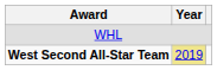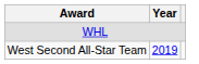 <table class="wikitable">
 <tr>
 <th>Award</th>
 <th>Year</th>
 <th></th>
 </tr>
 <tr ALIGN="center" bgcolor="#e0e0e0">
 <td colspan="3"><a href='#'>WHL</a></td>
 </tr>
 <tr>
-<td><strong>West Second All-Star Team</strong></td>
-<td style="background: khaki;"><a href='#'>2019</a></td>
+<td>West Second All-Star Team</td>
+<td><a href='#'>2019</a></td>
 <td></td>
 </tr>
 </table>
